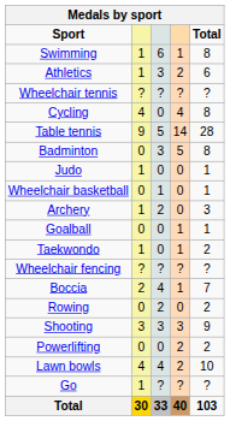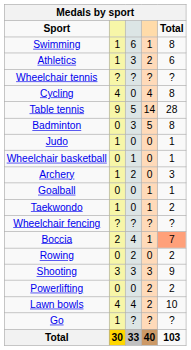 <table class=wikitable style="text-align:center">
 <tr style="background:#EFEFEF">
 <th colspan=7>Medals by sport</th>
 </tr>
 <tr>
 <td><strong>Sport</strong></td>
 <td style="background:#F7F6A8"></td>
 <td style="background:#DCE5E5"></td>
 <td style="background:#FFDBA9"></td>
 <td><strong>Total</strong></td>
 </tr>
 <tr>
 <td><a href='#'>Swimming</a></td>
 <td style="background:#F7F6A8">1</td>
 <td style="background:#DCE5E5">6</td>
 <td style="background:#FFDAB9">1</td>
 <td>8</td>
 </tr>
 <tr>
 <td><a href='#'>Athletics</a></td>
 <td style="background:#F7F6A8">1</td>
 <td style="background:#DCE5E5">3</td>
 <td style="background:#FFDAB9">2</td>
 <td>6</td>
 </tr>
 <tr>
 <td><a href='#'>Wheelchair tennis</a></td>
 <td style="background:#F7F6A8">?</td>
 <td style="background:#DCE5E5">?</td>
 <td style="background:#FFDAB9">?</td>
 <td>?</td>
 </tr>
 <tr>
 <td><a href='#'>Cycling</a></td>
 <td style="background:#F7F6A8">4</td>
 <td style="background:#DCE5E5">0</td>
 <td style="background:#FFDAB9">4</td>
 <td>8</td>
 </tr>
 <tr>
 <td><a href='#'>Table tennis</a></td>
 <td style="background:#F7F6A8">9</td>
 <td style="background:#DCE5E5">5</td>
 <td style="background:#FFDAB9">14</td>
 <td>28</td>
 </tr>
 <tr>
 <td><a href='#'>Badminton</a></td>
 <td style="background:#F7F6A8">0</td>
 <td style="background:#DCE5E5">3</td>
 <td style="background:#FFDAB9">5</td>
 <td>8</td>
 </tr>
 <tr>
 <td><a href='#'>Judo</a></td>
 <td style="background:#F7F6A8">1</td>
 <td style="background:#DCE5E5">0</td>
 <td style="background:#FFDAB9">0</td>
 <td>1</td>
 </tr>
 <tr>
 <td><a href='#'>Wheelchair basketball</a></td>
 <td style="background:#F7F6A8">0</td>
 <td style="background:#DCE5E5">1</td>
 <td style="background:#FFDAB9">0</td>
 <td>1</td>
 </tr>
 <tr>
 <td><a href='#'>Archery</a></td>
 <td style="background:#F7F6A8">1</td>
 <td style="background:#DCE5E5">2</td>
 <td style="background:#FFDAB9">0</td>
 <td>3</td>
 </tr>
 <tr>
 <td><a href='#'>Goalball</a></td>
 <td style="background:#F7F6A8">0</td>
 <td style="background:#DCE5E5">0</td>
 <td style="background:#FFDAB9">1</td>
 <td>1</td>
 </tr>
 <tr>
 <td><a href='#'>Taekwondo</a></td>
 <td style="background:#F7F6A8">1</td>
 <td style="background:#DCE5E5">0</td>
 <td style="background:#FFDAB9">1</td>
 <td>2</td>
 </tr>
 <tr>
 <td><a href='#'>Wheelchair fencing</a></td>
 <td style="background:#F7F6A8">?</td>
 <td style="background:#DCE5E5">?</td>
 <td style="background:#FFDAB9">?</td>
 <td>?</td>
 </tr>
 <tr>
 <td><a href='#'>Boccia</a></td>
 <td style="background:#F7F6A8">2</td>
 <td style="background:#DCE5E5">4</td>
 <td style="background:#FFDAB9">1</td>
-<td>7</td>
+<td style="background: lightsalmon;">7</td>
 </tr>
 <tr>
 <td><a href='#'>Rowing</a></td>
 <td style="background:#F7F6A8">0</td>
 <td style="background:#DCE5E5">2</td>
 <td style="background:#FFDAB9">0</td>
 <td>2</td>
 </tr>
 <tr>
 <td><a href='#'>Shooting</a></td>
 <td style="background:#F7F6A8">3</td>
 <td style="background:#DCE5E5">3</td>
 <td style="background:#FFDAB9">3</td>
 <td>9</td>
 </tr>
 <tr>
 <td><a href='#'>Powerlifting</a></td>
 <td style="background:#F7F6A8">0</td>
 <td style="background:#DCE5E5">0</td>
 <td style="background:#FFDAB9">2</td>
 <td>2</td>
 </tr>
 <tr>
 <td><a href='#'>Lawn bowls</a></td>
 <td style="background:#F7F6A8">4</td>
 <td style="background:#DCE5E5">4</td>
 <td style="background:#FFDAB9">2</td>
 <td>10</td>
 </tr>
 <tr>
 <td><a href='#'>Go</a></td>
 <td style="background:#F7F6A8">1</td>
 <td style="background:#DCE5E5">?</td>
 <td style="background:#FFDAB9">?</td>
 <td>?</td>
 </tr>
 <tr>
 <th>Total</th>
 <td style="background:gold;"><strong>30</strong></td>
 <td style="background:silver;"><strong>33</strong></td>
 <td style="background:#c96;"><strong>40</strong></td>
 <td><strong>103</strong></td>
 </tr>
 </table>
